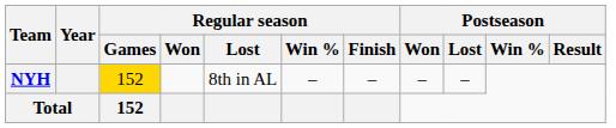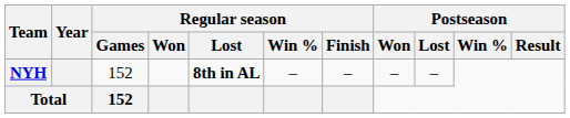 <table class="wikitable" style="font-size: 95%; text-align:center;">
 <tr>
 <th rowspan="2">Team</th>
 <th rowspan="2">Year</th>
 <th colspan="5">Regular season</th>
 <th colspan="4">Postseason</th>
 </tr>
 <tr>
 <th>Games</th>
 <th>Won</th>
 <th>Lost</th>
 <th>Win %</th>
 <th>Finish</th>
 <th>Won</th>
 <th>Lost</th>
 <th>Win %</th>
 <th>Result</th>
 </tr>
 <tr>
 </tr>
 <tr>
 <th><a href='#'>NYH</a></th>
 <th></th>
-<td style="background: gold;">152</td>
+<td>152</td>
 <td></td>
-<td>8th in AL</td>
+<td><strong>8th in AL</strong></td>
 <td>–</td>
 <td>–</td>
 <td>–</td>
 <td>–</td>
 </tr>
 <tr>
 <th colspan="2">Total</th>
 <th>152</th>
 <th></th>
 <th></th>
 <th></th>
 <th></th>
 </tr>
 </table>
